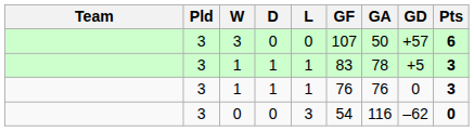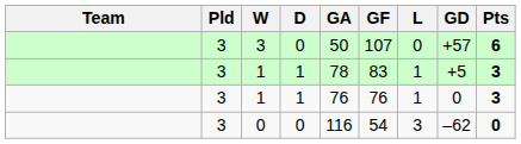 <table class="wikitable" style="text-align: center;">
 <tr>
 <th width="180">Team</th>
 <th width="30">Pld</th>
 <th width="30">W</th>
 <th width="30">D</th>
+<th width="30">GA</th>
+<th width="30">GF</th>
 <th width="30">L</th>
-<th width="30">GF</th>
-<th width="30">GA</th>
 <th width="30">GD</th>
 <th width="30">Pts</th>
 </tr>
 <tr bgcolor=#CCFFCC>
 <td align="left"></td>
 <td>3</td>
 <td>3</td>
 <td>0</td>
+<td>50</td>
+<td>107</td>
 <td>0</td>
-<td>107</td>
-<td>50</td>
 <td>+57</td>
 <td><strong>6</strong></td>
 </tr>
 <tr bgcolor=#CCFFCC>
 <td align="left"></td>
 <td>3</td>
 <td>1</td>
 <td>1</td>
+<td>78</td>
+<td>83</td>
 <td>1</td>
-<td>83</td>
-<td>78</td>
 <td>+5</td>
 <td><strong>3</strong></td>
 </tr>
 <tr>
 <td align="left"></td>
 <td>3</td>
 <td>1</td>
 <td>1</td>
-<td>1</td>
 <td>76</td>
 <td>76</td>
+<td>1</td>
 <td>0</td>
 <td><strong>3</strong></td>
 </tr>
 <tr>
 <td align="left"></td>
 <td>3</td>
 <td>0</td>
 <td>0</td>
+<td>116</td>
+<td>54</td>
 <td>3</td>
-<td>54</td>
-<td>116</td>
 <td>–62</td>
 <td><strong>0</strong></td>
 </tr>
 </table>
